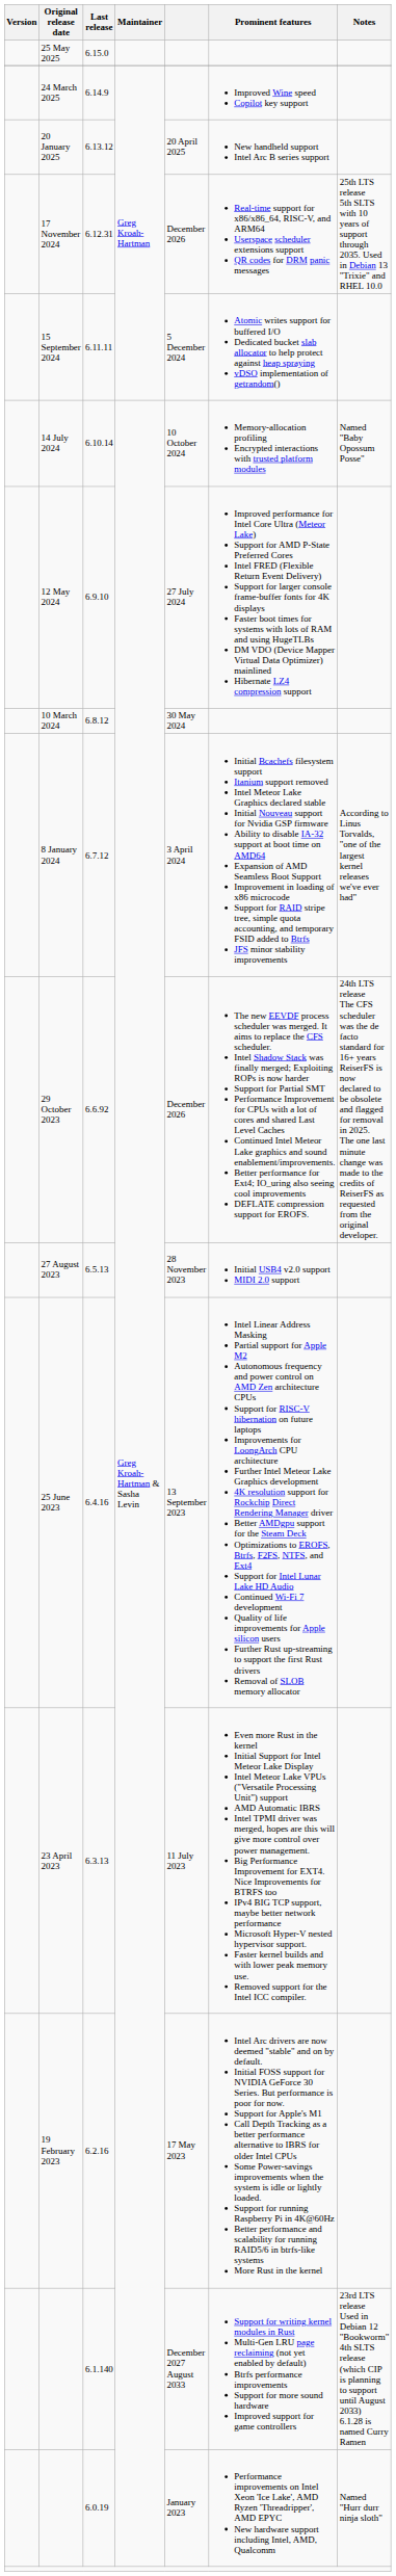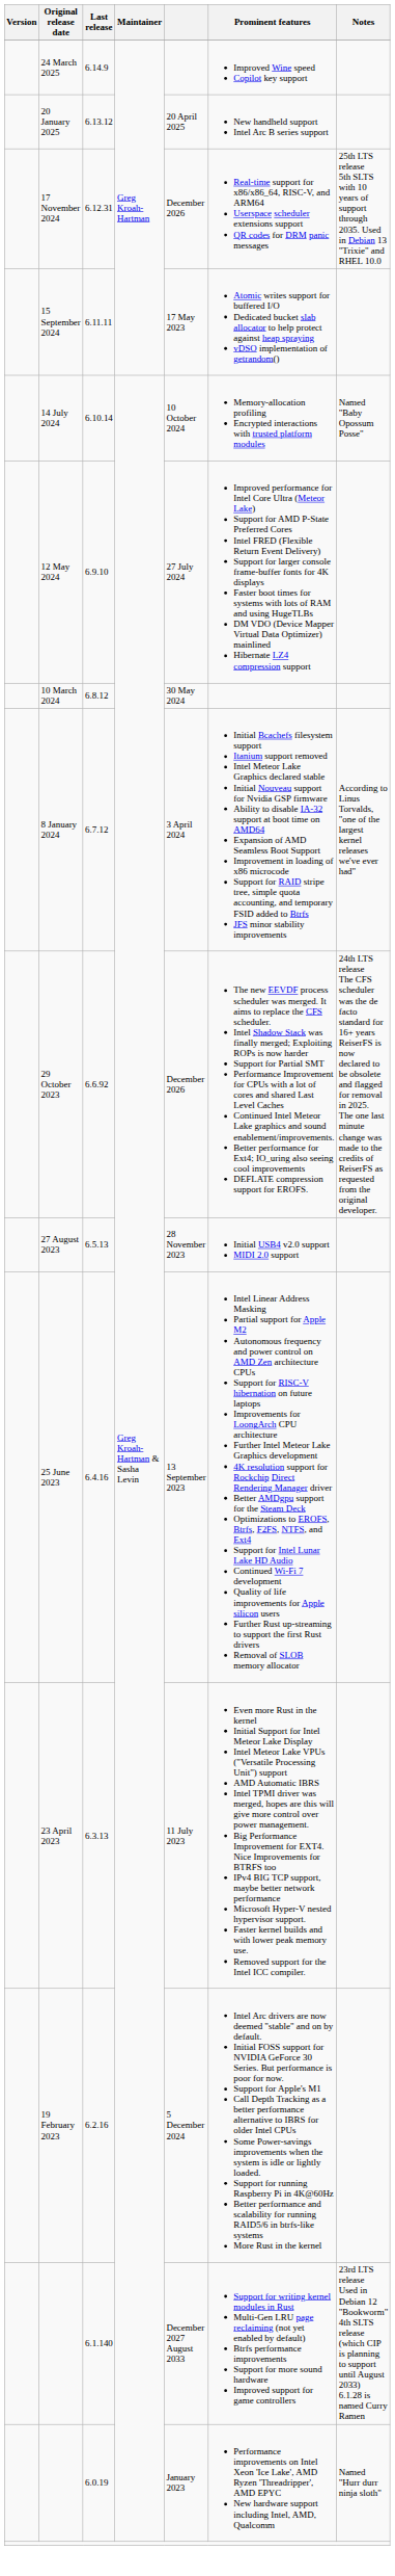 <table class="wikitable mw-collapsible">
 <tr>
 <th>Version</th>
 <th>Original release date</th>
 <th>Last release</th>
 <th>Maintainer</th>
 <th></th>
 <th>Prominent features</th>
 <th>Notes</th>
-</tr>
-<tr>
-<td></td>
-<td>25 May 2025</td>
-<td>6.15.0</td>
-<td></td>
-<td></td>
-<td></td>
-<td></td>
 </tr>
 <tr>
 </tr>
 <tr>
 <td></td>
 <td>24 March 2025</td>
 <td>6.14.9</td>
 <td rowspan="4"><a href='#'>Greg Kroah-Hartman</a></td>
 <td></td>
 <td><br><ul><li>Improved <a href='#'>Wine</a> speed</li><li><a href='#'>Copilot</a> key support</li></ul></td>
 <td></td>
 </tr>
 <tr>
 <td></td>
 <td>20 January 2025</td>
 <td>6.13.12</td>
 <td>20 April 2025</td>
 <td><br><ul><li>New handheld support</li><li>Intel Arc B series support</li></ul></td>
 <td></td>
 </tr>
 <tr>
 <td></td>
 <td>17 November 2024</td>
 <td>6.12.31</td>
 <td>December 2026</td>
 <td><br><ul><li><a href='#'>Real-time</a> support for x86/x86_64, RISC-V, and ARM64</li><li><a href='#'>Userspace</a> <a href='#'>scheduler</a> extensions support</li><li><a href='#'>QR codes</a> for <a href='#'>DRM</a> <a href='#'>panic</a> messages</li></ul></td>
 <td>25th LTS release<br>5th SLTS with 10 years of support through 2035. Used in <a href='#'>Debian</a> 13 "Trixie" and RHEL 10.0 </td>
 </tr>
 <tr>
 <td></td>
 <td>15 September 2024</td>
 <td>6.11.11</td>
-<td>5 December 2024</td>
+<td>17 May 2023</td>
 <td><br><ul><li><a href='#'>Atomic</a> writes support for buffered I/O</li><li>Dedicated bucket <a href='#'>slab allocator</a> to help protect against <a href='#'>heap spraying</a></li><li><a href='#'>vDSO</a> implementation of <a href='#'>getrandom</a>()</li></ul></td>
 <td></td>
 </tr>
 <tr>
 <td></td>
 <td>14 July 2024</td>
 <td>6.10.14</td>
 <td rowspan="11"><a href='#'>Greg Kroah-Hartman</a> & Sasha Levin</td>
 <td>10 October 2024</td>
 <td><br><ul><li>Memory-allocation profiling</li><li>Encrypted interactions with <a href='#'>trusted platform modules</a></li></ul></td>
 <td>Named "Baby Opossum Posse"</td>
 </tr>
 <tr>
 <td></td>
 <td>12 May 2024</td>
 <td>6.9.10</td>
 <td>27 July 2024</td>
 <td><br><ul><li>Improved performance for Intel Core Ultra (<a href='#'>Meteor Lake</a>)</li><li>Support for AMD P-State Preferred Cores</li><li>Intel FRED (Flexible Return Event Delivery)</li><li>Support for larger console frame-buffer fonts for 4K displays</li><li>Faster boot times for systems with lots of RAM and using HugeTLBs</li><li>DM VDO (Device Mapper Virtual Data Optimizer) mainlined</li><li>Hibernate <a href='#'>LZ4 compression</a> support</li></ul></td>
 </tr>
 <tr>
 <td></td>
 <td>10 March 2024</td>
 <td>6.8.12</td>
 <td>30 May 2024</td>
 <td></td>
 <td></td>
 </tr>
 <tr>
 <td></td>
 <td>8 January 2024</td>
 <td>6.7.12</td>
 <td>3 April 2024</td>
 <td><br><ul><li>Initial <a href='#'>Bcachefs</a> filesystem support</li><li><a href='#'>Itanium</a> support removed</li><li>Intel Meteor Lake Graphics declared stable</li><li>Initial <a href='#'>Nouveau</a> support for Nvidia GSP firmware</li><li>Ability to disable <a href='#'>IA-32</a> support at boot time on <a href='#'>AMD64</a></li><li>Expansion of AMD Seamless Boot Support</li><li>Improvement in loading of x86 microcode</li><li>Support for <a href='#'>RAID</a> stripe tree, simple quota accounting, and temporary FSID added to <a href='#'>Btrfs</a></li><li><a href='#'>JFS</a> minor stability improvements</li></ul></td>
 <td>According to Linus Torvalds, "one of the largest kernel releases we've ever had"</td>
 </tr>
 <tr>
 <td></td>
 <td>29 October 2023</td>
 <td>6.6.92</td>
 <td>December 2026</td>
 <td><br><ul><li>The new <a href='#'>EEVDF</a> process scheduler was merged. It aims to replace the <a href='#'>CFS</a> scheduler.</li><li>Intel <a href='#'>Shadow Stack</a> was finally merged; Exploiting ROPs is now harder</li><li>Support for Partial SMT</li><li>Performance Improvement for CPUs with a lot of cores and shared Last Level Caches</li><li>Continued Intel Meteor Lake graphics and sound enablement/improvements.</li><li>Better performance for Ext4; IO_uring also seeing cool improvements</li><li>DEFLATE compression support for EROFS.</li></ul></td>
 <td>24th LTS release<br>The CFS scheduler was the de facto standard for 16+ years<br>ReiserFS is now declared to be obsolete and flagged for removal in 2025.<br>The one last minute change was made to the credits of ReiserFS as requested from the original developer.</td>
 </tr>
 <tr>
 <td></td>
 <td>27 August 2023</td>
 <td>6.5.13</td>
 <td>28 November 2023</td>
 <td><br><ul><li>Initial <a href='#'>USB4</a> v2.0 support</li><li><a href='#'>MIDI 2.0</a> support</li></ul></td>
 <td></td>
 </tr>
 <tr>
 <td></td>
 <td>25 June 2023</td>
 <td>6.4.16</td>
 <td>13 September 2023</td>
 <td><br><ul><li>Intel Linear Address Masking</li><li>Partial support for <a href='#'>Apple M2</a></li><li>Autonomous frequency and power control on <a href='#'>AMD Zen</a> architecture CPUs</li><li>Support for <a href='#'>RISC-V</a>  <a href='#'>hibernation</a> on future laptops</li><li>Improvements for <a href='#'>LoongArch</a> CPU architecture</li><li>Further Intel Meteor Lake Graphics development</li><li><a href='#'>4K resolution</a> support for <a href='#'>Rockchip</a> <a href='#'>Direct Rendering Manager</a> driver</li><li>Better <a href='#'>AMDgpu</a> support for the <a href='#'>Steam Deck</a></li><li>Optimizations to <a href='#'>EROFS</a>, <a href='#'>Btrfs</a>, <a href='#'>F2FS</a>, <a href='#'>NTFS</a>, and <a href='#'>Ext4</a></li><li>Support for <a href='#'>Intel Lunar Lake HD Audio</a></li><li>Continued <a href='#'>Wi-Fi 7</a> development</li><li>Quality of life improvements for <a href='#'>Apple silicon</a>  users</li><li>Further Rust up-streaming to support the first Rust drivers</li><li>Removal of <a href='#'>SLOB</a> memory allocator</li></ul></td>
 <td></td>
 </tr>
 <tr>
 <td></td>
 <td>23 April 2023</td>
 <td>6.3.13</td>
 <td>11 July 2023</td>
 <td><br><ul><li>Even more Rust in the kernel</li><li>Initial Support for Intel Meteor Lake Display</li><li>Intel Meteor Lake VPUs ("Versatile Processing Unit") support</li><li>AMD Automatic IBRS</li><li>Intel TPMI driver was merged, hopes are this will give more control over power management.</li><li>Big Performance Improvement for EXT4. Nice Improvements for BTRFS too</li><li>IPv4 BIG TCP support, maybe better network performance</li><li>Microsoft Hyper-V nested hypervisor support.</li><li>Faster kernel builds and with lower peak memory use.</li><li>Removed support for the Intel ICC compiler.</li></ul></td>
 <td></td>
 </tr>
 <tr>
 <td></td>
 <td>19 February 2023</td>
 <td>6.2.16</td>
-<td>17 May 2023</td>
+<td>5 December 2024</td>
 <td><br><ul><li>Intel Arc drivers are now deemed "stable" and on by default.</li><li>Initial FOSS support for NVIDIA GeForce 30 Series. But performance is poor for now.</li><li>Support for Apple's M1</li><li>Call Depth Tracking as a better performance alternative to IBRS for older Intel CPUs</li><li>Some Power-savings improvements when the system is idle or lightly loaded.</li><li>Support for running Raspberry Pi in 4K@60Hz</li><li>Better performance and scalability for running RAID5/6 in btrfs-like systems</li><li>More Rust in the kernel</li></ul></td>
 <td></td>
 </tr>
 <tr>
 <td></td>
 <td></td>
 <td>6.1.140</td>
 <td>December 2027<br>August 2033</td>
 <td><br><ul><li><a href='#'>Support for writing kernel modules in Rust</a></li><li>Multi-Gen LRU <a href='#'>page reclaiming</a> (not yet enabled by default)</li><li>Btrfs performance improvements</li><li>Support for more sound hardware</li><li>Improved support for game controllers</li></ul></td>
 <td>23rd LTS release<br>Used in Debian 12 "Bookworm"<br>4th SLTS release (which CIP is planning to support until August 2033)<br>6.1.28 is named Curry Ramen</td>
 </tr>
 <tr>
 <td></td>
 <td></td>
 <td>6.0.19</td>
 <td>January 2023</td>
 <td><br><ul><li>Performance improvements on Intel Xeon 'Ice Lake', AMD Ryzen 'Threadripper', AMD EPYC</li><li>New hardware support including Intel, AMD, Qualcomm</li></ul></td>
 <td>Named "Hurr durr  ninja sloth"</td>
 </tr>
 <tr>
 <td colspan="7"><small></small></td>
 </tr>
 </table>
